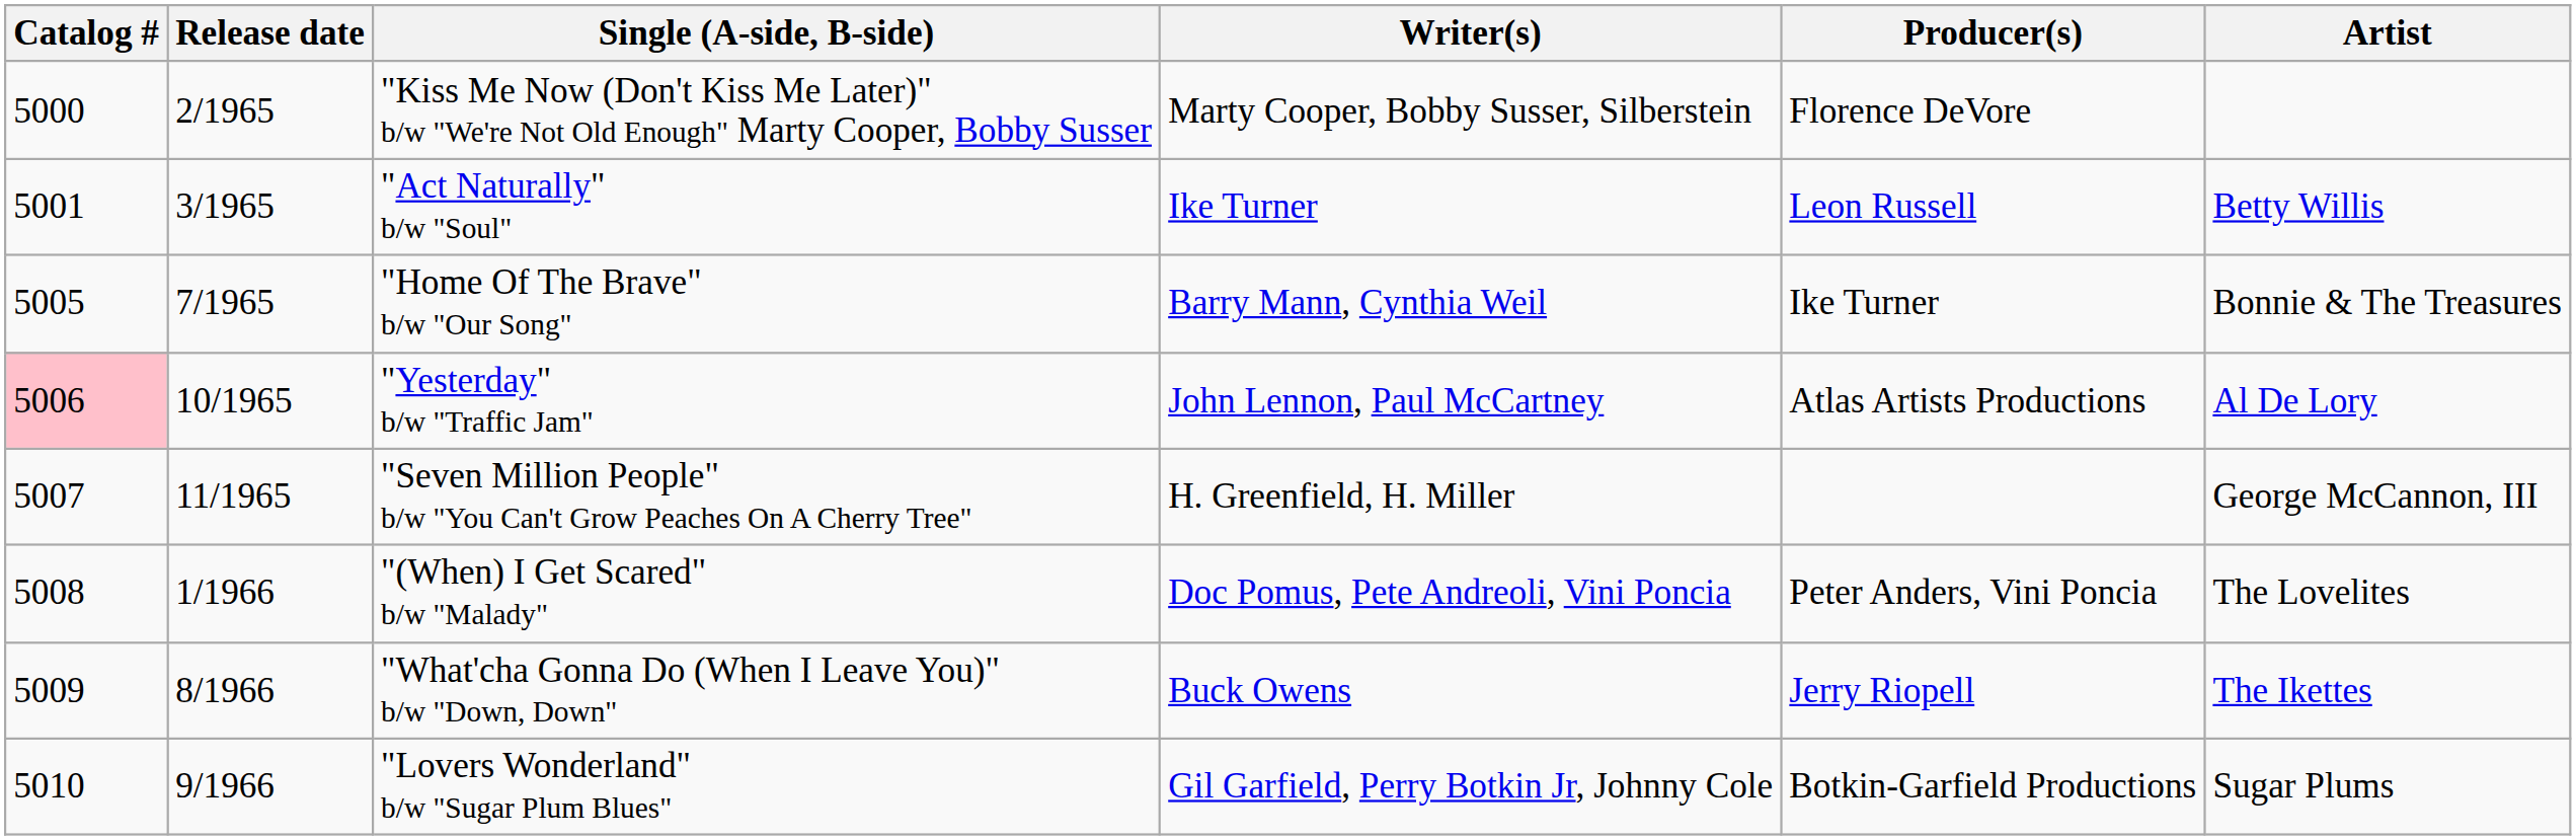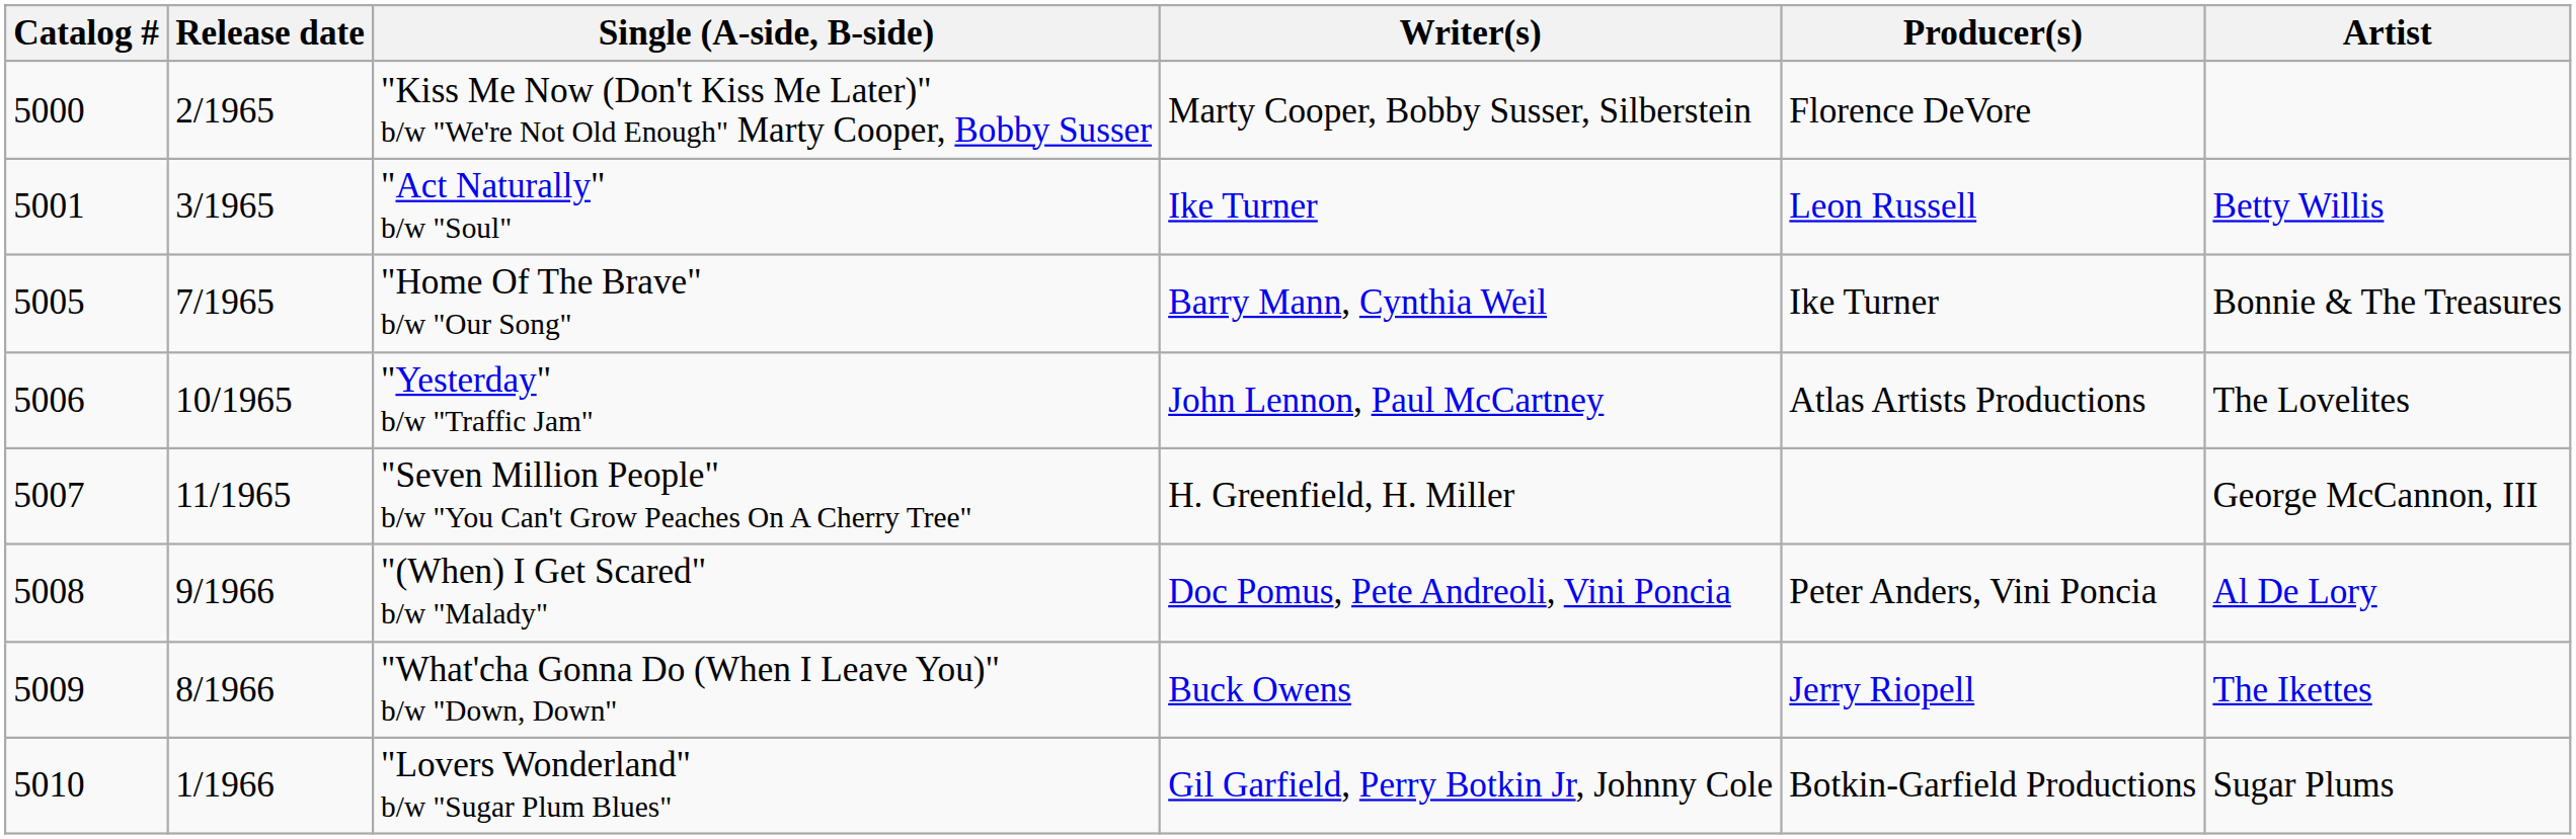 <table class="wikitable">
 <tr>
 <th>Catalog #</th>
 <th>Release date</th>
 <th>Single (A-side, B-side)</th>
 <th>Writer(s)</th>
 <th>Producer(s)</th>
 <th>Artist</th>
 </tr>
 <tr>
 <td>5000</td>
 <td>2/1965</td>
 <td>"Kiss Me Now (Don't Kiss Me Later)"<br><small>b/w "We're Not Old Enough"</small> Marty Cooper, <a href='#'>Bobby Susser</a></td>
 <td>Marty Cooper, Bobby Susser, Silberstein</td>
 <td>Florence DeVore</td>
 </tr>
 <tr>
 <td>5001</td>
 <td>3/1965</td>
 <td>"<a href='#'>Act Naturally</a>"<br><small>b/w "Soul"</small></td>
 <td><a href='#'>Ike Turner</a></td>
 <td><a href='#'>Leon Russell</a></td>
 <td><a href='#'>Betty Willis</a></td>
 </tr>
 <tr>
 <td>5005</td>
 <td>7/1965</td>
 <td>"Home Of The Brave"<br><small>b/w "Our Song"</small></td>
 <td><a href='#'>Barry Mann</a>, <a href='#'>Cynthia Weil</a></td>
 <td>Ike Turner</td>
 <td>Bonnie & The Treasures</td>
 </tr>
 <tr>
-<td style="background: pink;">5006</td>
+<td>5006</td>
 <td>10/1965</td>
 <td>"<a href='#'>Yesterday</a>"<br><small>b/w "Traffic Jam"</small></td>
 <td><a href='#'>John Lennon</a>, <a href='#'>Paul McCartney</a></td>
 <td>Atlas Artists Productions</td>
-<td><a href='#'>Al De Lory</a></td>
+<td>The Lovelites</td>
 </tr>
 <tr>
 <td>5007</td>
 <td>11/1965</td>
 <td>"Seven Million People"<br><small>b/w "You Can't Grow Peaches On A Cherry Tree"</small></td>
 <td>H. Greenfield, H. Miller</td>
 <td></td>
 <td>George McCannon, III</td>
 </tr>
 <tr>
 <td>5008</td>
-<td>1/1966</td>
+<td>9/1966</td>
 <td>"(When) I Get Scared"<br><small>b/w "Malady"</small></td>
 <td><a href='#'>Doc Pomus</a>, <a href='#'>Pete Andreoli</a>, <a href='#'>Vini Poncia</a></td>
 <td>Peter Anders, Vini Poncia</td>
-<td>The Lovelites</td>
+<td><a href='#'>Al De Lory</a></td>
 </tr>
 <tr>
 <td>5009</td>
 <td>8/1966</td>
 <td>"What'cha Gonna Do (When I Leave You)"<br><small>b/w "Down, Down"</small></td>
 <td><a href='#'>Buck Owens</a></td>
 <td><a href='#'>Jerry Riopell</a></td>
 <td><a href='#'>The Ikettes</a></td>
 </tr>
 <tr>
 <td>5010</td>
-<td>9/1966</td>
+<td>1/1966</td>
 <td>"Lovers Wonderland"<br><small>b/w "Sugar Plum Blues"</small></td>
 <td><a href='#'>Gil Garfield</a>, <a href='#'>Perry Botkin Jr</a>, Johnny Cole</td>
 <td>Botkin-Garfield Productions</td>
 <td>Sugar Plums</td>
 </tr>
 </table>
